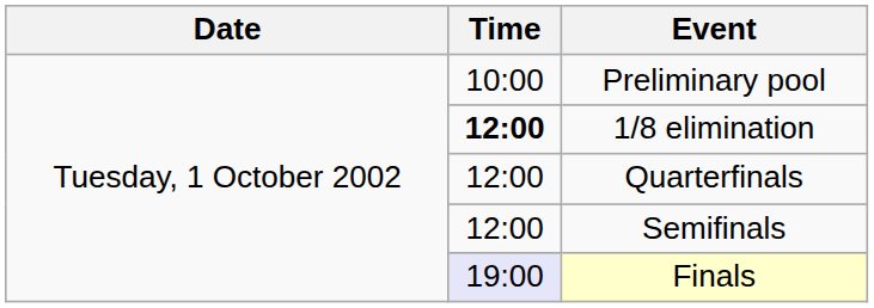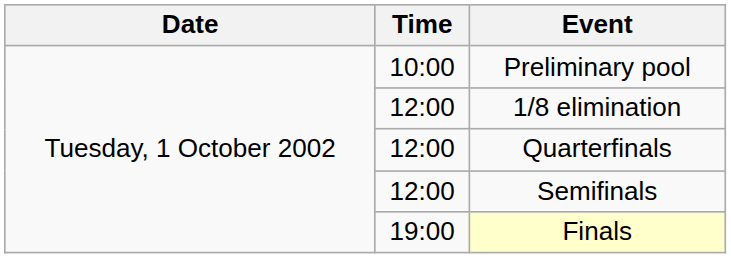 <table class = "wikitable" style="text-align:center;">
 <tr>
 <th width=220>Date</th>
 <th width=50>Time</th>
 <th width=150>Event</th>
 </tr>
 <tr>
 <td rowspan=5>Tuesday, 1 October 2002</td>
 <td>10:00</td>
 <td>Preliminary pool</td>
 </tr>
 <tr>
-<td><strong>12:00</strong></td>
+<td>12:00</td>
 <td>1/8 elimination</td>
 </tr>
 <tr>
 <td>12:00</td>
 <td>Quarterfinals</td>
 </tr>
 <tr>
 <td>12:00</td>
 <td>Semifinals</td>
 </tr>
 <tr>
-<td style="background: lavender;">19:00</td>
+<td>19:00</td>
 <td bgcolor=ffffcc>Finals</td>
 </tr>
 </table>
